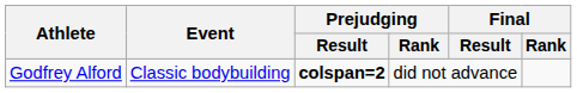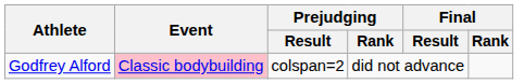 <table class=wikitable style="font-size:90%">
 <tr>
 <th rowspan="2">Athlete</th>
 <th rowspan="2">Event</th>
 <th colspan="2">Prejudging</th>
 <th colspan="2">Final</th>
 </tr>
 <tr style="font-size:95%">
 <th>Result</th>
 <th>Rank</th>
 <th>Result</th>
 <th>Rank</th>
 </tr>
 <tr align=center>
 <td align=left><a href='#'>Godfrey Alford</a></td>
-<td align=left><a href='#'>Classic bodybuilding</a></td>
-<td><strong>colspan=2 </strong></td>
+<td align=left style="background: pink;"><a href='#'>Classic bodybuilding</a></td>
+<td>colspan=2 </td>
 <td colspan=2>did not advance</td>
 </tr>
 </table>
